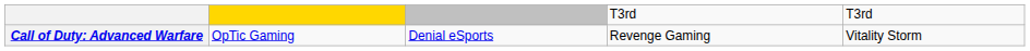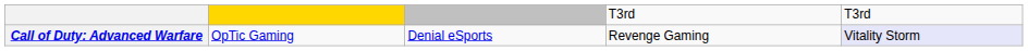 <table class="wikitable" style="width: 100%;">
 <tr>
 <th style="width: 20%;"></th>
 <td style="text-align:center" bgcolor="gold"></td>
 <td style="text-align:center" bgcolor="silver"></td>
 <td>T3rd</td>
 <td>T3rd</td>
 </tr>
 <tr>
 <th><em><a href='#'>Call of Duty: Advanced Warfare</a></em></th>
 <td> <a href='#'>OpTic Gaming</a></td>
 <td> <a href='#'>Denial eSports</a></td>
 <td> Revenge Gaming</td>
-<td> Vitality Storm</td>
+<td style="background: lavender;"> Vitality Storm</td>
 </tr>
 </table>
